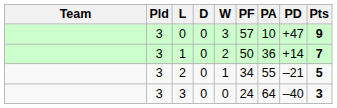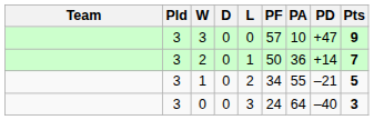 <table class="wikitable" style="text-align:center;">
 <tr>
 <th width=175>Team</th>
 <th width=20 abbr="Played">Pld</th>
+<th width=20 abbr="Won">W</th>
+<th width=20 abbr="Drawn">D</th>
 <th width=20 abbr="Lost">L</th>
-<th width=20 abbr="Drawn">D</th>
-<th width=20 abbr="Won">W</th>
 <th width=20 abbr="Points for">PF</th>
 <th width=20 abbr="Points against">PA</th>
 <th width=25 abbr="Points difference">PD</th>
 <th width=20 abbr="Points">Pts</th>
 </tr>
 <tr style="background:#ccffcc">
 <td align=left></td>
 <td>3</td>
+<td>3</td>
 <td>0</td>
 <td>0</td>
-<td>3</td>
 <td>57</td>
 <td>10</td>
 <td>+47</td>
 <td><strong>9</strong></td>
 </tr>
 <tr style="background:#ccffcc">
 <td align=left></td>
 <td>3</td>
+<td>2</td>
+<td>0</td>
 <td>1</td>
-<td>0</td>
-<td>2</td>
 <td>50</td>
 <td>36</td>
 <td>+14</td>
 <td><strong>7</strong></td>
 </tr>
 <tr>
 <td align=left></td>
 <td>3</td>
+<td>1</td>
+<td>0</td>
 <td>2</td>
-<td>0</td>
-<td>1</td>
 <td>34</td>
 <td>55</td>
 <td>–21</td>
 <td><strong>5</strong></td>
 </tr>
 <tr>
 <td align=left></td>
 <td>3</td>
-<td>3</td>
 <td>0</td>
 <td>0</td>
+<td>3</td>
 <td>24</td>
 <td>64</td>
 <td>–40</td>
 <td><strong>3</strong></td>
 </tr>
 </table>
